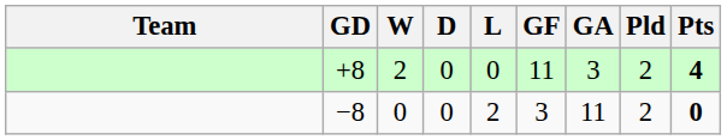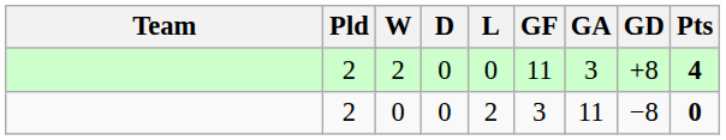 <table class="wikitable" style="text-align:center;">
 <tr>
 <th width=180>Team</th>
-<th width=20>GD</th>
+<th width=20>Pld</th>
 <th width=20>W</th>
 <th width=20>D</th>
 <th width=20>L</th>
 <th width=20>GF</th>
 <th width=20>GA</th>
-<th width=20>Pld</th>
+<th width=20>GD</th>
 <th width=20>Pts</th>
 </tr>
 <tr style="background:#cfc;">
 <td align="left"></td>
-<td>+8</td>
+<td>2</td>
 <td>2</td>
 <td>0</td>
 <td>0</td>
 <td>11</td>
 <td>3</td>
-<td>2</td>
+<td>+8</td>
 <td><strong>4</strong></td>
 </tr>
 <tr>
 <td align="left"></td>
-<td>−8</td>
+<td>2</td>
 <td>0</td>
 <td>0</td>
 <td>2</td>
 <td>3</td>
 <td>11</td>
-<td>2</td>
+<td>−8</td>
 <td><strong>0</strong></td>
 </tr>
 </table>
